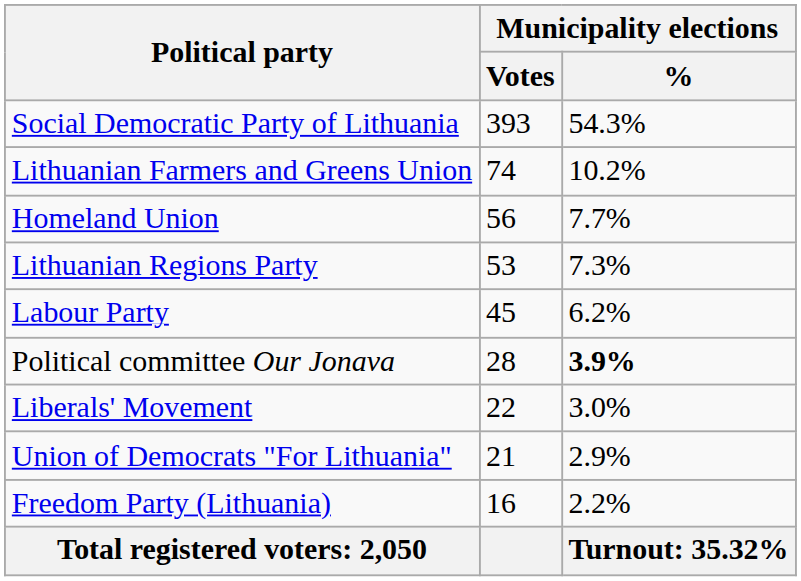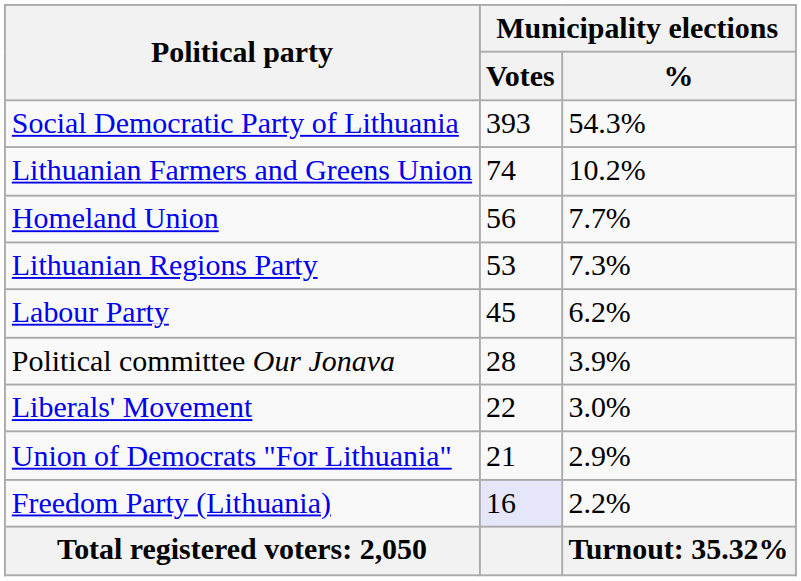 <table class="wikitable">
 <tr>
 <th rowspan="2">Political party</th>
 <th colspan="2">Municipality elections</th>
 </tr>
 <tr>
 <th>Votes </th>
 <th>%</th>
 </tr>
 <tr>
 <td><a href='#'>Social Democratic Party of Lithuania</a></td>
 <td>393</td>
 <td>54.3%</td>
 </tr>
 <tr>
 <td><a href='#'>Lithuanian Farmers and Greens Union</a></td>
 <td>74</td>
 <td>10.2%</td>
 </tr>
 <tr>
 <td><a href='#'>Homeland Union</a></td>
 <td>56</td>
 <td>7.7%</td>
 </tr>
 <tr>
 <td><a href='#'>Lithuanian Regions Party</a></td>
 <td>53</td>
 <td>7.3%</td>
 </tr>
 <tr>
 <td><a href='#'>Labour Party</a></td>
 <td>45</td>
 <td>6.2%</td>
 </tr>
 <tr>
 <td>Political committee <em>Our Jonava</em></td>
 <td>28</td>
-<td><strong>3.9%</strong></td>
+<td>3.9%</td>
 </tr>
 <tr>
 <td><a href='#'>Liberals' Movement</a></td>
 <td>22</td>
 <td>3.0%</td>
 </tr>
 <tr>
 <td><a href='#'>Union of Democrats "For Lithuania"</a></td>
 <td>21</td>
 <td>2.9%</td>
 </tr>
 <tr>
 <td><a href='#'>Freedom Party (Lithuania)</a></td>
-<td>16</td>
+<td style="background: lavender;">16</td>
 <td>2.2%</td>
 </tr>
 <tr>
 <th>Total registered voters: 2,050</th>
 <th></th>
 <th>Turnout: 35.32%</th>
 </tr>
 </table>
